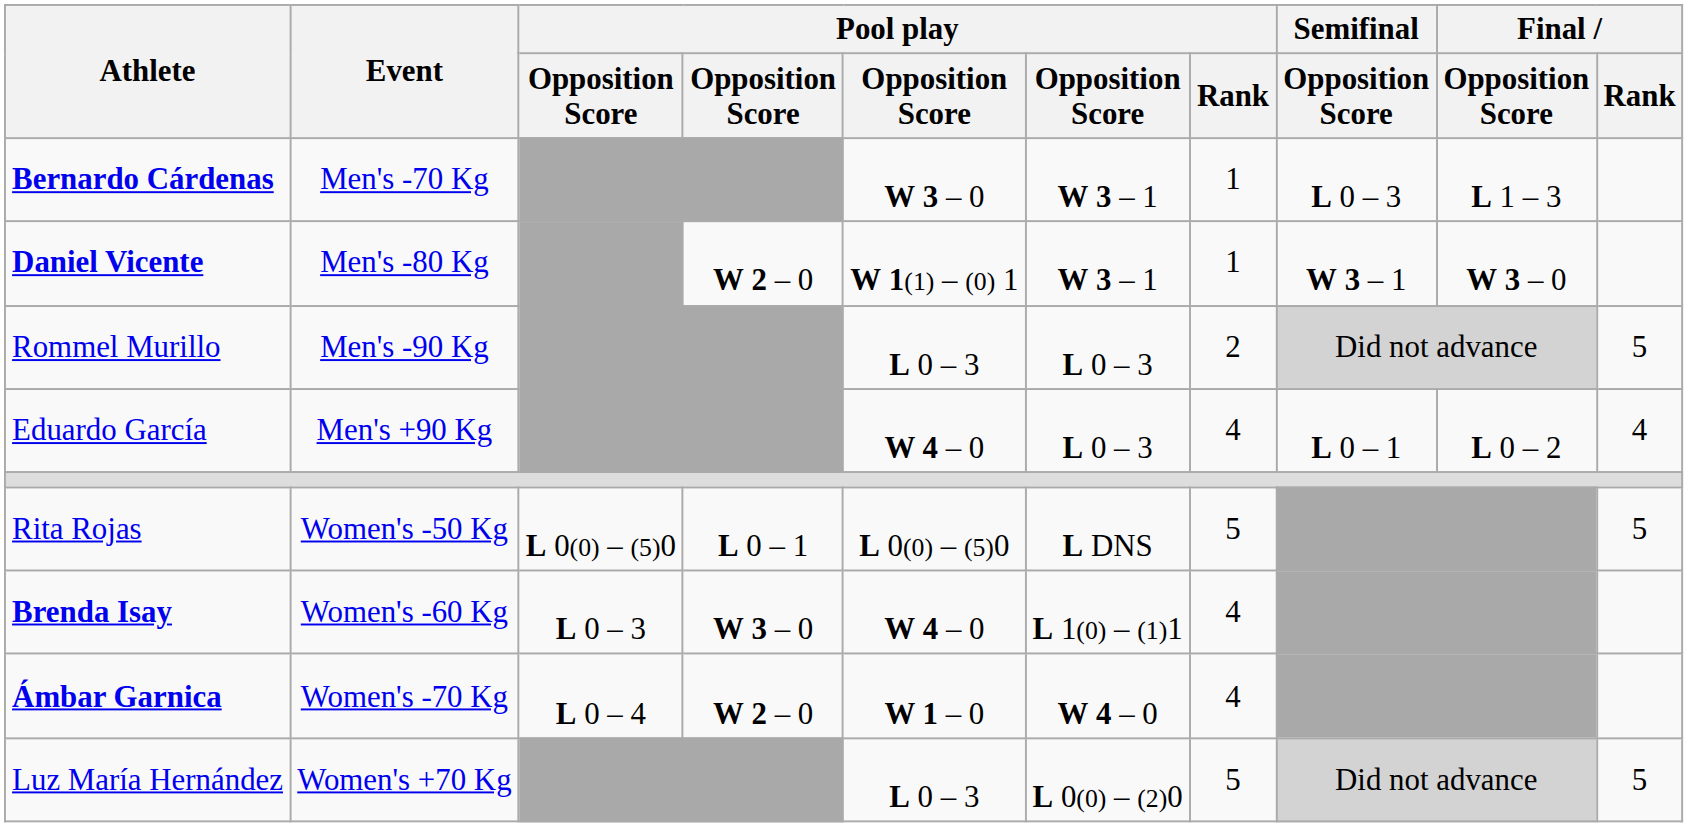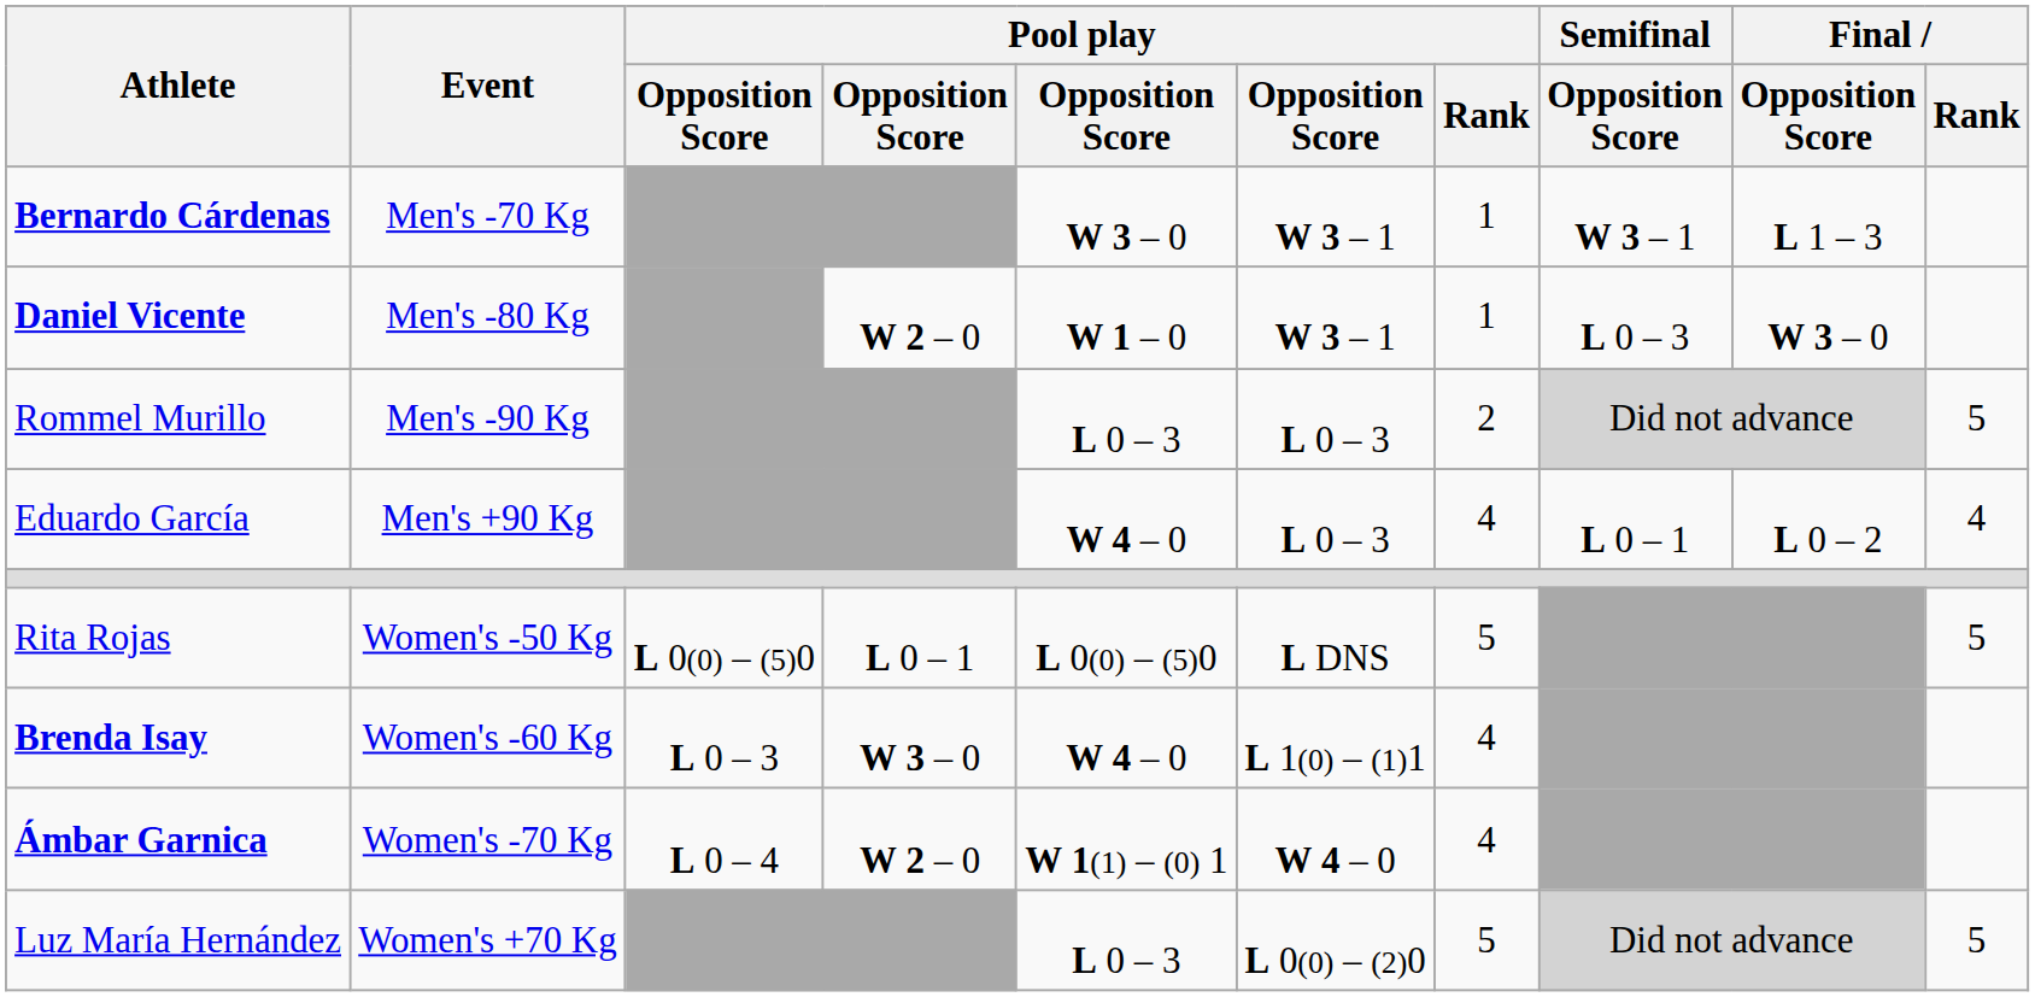 <table class="wikitable">
 <tr>
 <th rowspan="2">Athlete</th>
 <th rowspan="2">Event</th>
 <th colspan="5">Pool play</th>
 <th>Semifinal</th>
 <th colspan="2">Final / </th>
 </tr>
 <tr>
 <th>Opposition<br>Score</th>
 <th>Opposition<br>Score</th>
 <th>Opposition<br>Score</th>
 <th>Opposition<br>Score</th>
 <th>Rank</th>
 <th>Opposition<br>Score</th>
 <th>Opposition<br>Score</th>
 <th>Rank</th>
 </tr>
 <tr align="center">
 <td align="left" style="white-space: nowrap;"><strong><a href='#'>Bernardo Cárdenas</a></strong></td>
 <td><a href='#'>Men's -70 Kg</a></td>
 <td colspan="2" style="background: #A9A9A9"></td>
 <td><br><strong>W</strong> <strong>3</strong> – 0</td>
 <td><br><strong>W</strong> <strong>3</strong> – 1</td>
 <td>1</td>
-<td><br><strong>L</strong> 0 – 3</td>
+<td style="white-space: nowrap;"><br><strong>W</strong> <strong>3</strong> – 1</td>
 <td style="white-space: nowrap;"><br><strong>L</strong> 1 – 3</td>
 <td></td>
 </tr>
 <tr align="center">
 <td align="left" style="white-space: nowrap;"><strong><a href='#'>Daniel Vicente</a></strong></td>
 <td><a href='#'>Men's -80 Kg</a></td>
 <td style="background: #A9A9A9"></td>
 <td><br><strong>W</strong> <strong>2</strong> – 0</td>
-<td><br><strong>W</strong> <strong>1</strong><small>(1)</small> – <small>(0)</small> 1</td>
+<td><br><strong>W  1</strong> – 0</td>
 <td><br><strong>W</strong> <strong>3</strong> – 1</td>
 <td>1</td>
-<td style="white-space: nowrap;"><br><strong>W</strong> <strong>3</strong> – 1</td>
+<td><br><strong>L</strong> 0 – 3</td>
 <td><br><strong>W</strong> <strong>3</strong> – 0</td>
 <td></td>
 </tr>
 <tr align="center">
 <td align="left" style="white-space: nowrap;"><a href='#'>Rommel Murillo</a></td>
 <td><a href='#'>Men's -90 Kg</a></td>
 <td colspan="2" ; style="background: #A9A9A9"></td>
 <td><br><strong>L</strong> 0 – 3</td>
 <td><br><strong>L</strong> 0 – 3</td>
 <td>2</td>
 <td colspan="2" ; style="background: #D3D3D3">Did not advance</td>
 <td>5</td>
 </tr>
 <tr align="center">
 <td align="left" style="white-space: nowrap;"><a href='#'>Eduardo García</a></td>
 <td><a href='#'>Men's +90 Kg</a></td>
 <td colspan="2" ; style="background: #A9A9A9"></td>
 <td><br><strong>W 4</strong> – 0</td>
 <td><br><strong>L</strong> 0 – 3</td>
 <td>4</td>
 <td><br><strong>L</strong> 0 – 1</td>
 <td><br><strong>L</strong> 0 – 2</td>
 <td>4</td>
 </tr>
 <tr bgcolor="#ddd">
 <td colspan="10"></td>
 </tr>
 <tr align="center">
 <td align="left" style="white-space: nowrap;"><a href='#'>Rita Rojas</a></td>
 <td><a href='#'>Women's -50 Kg</a></td>
 <td><br><strong>L</strong> 0<small>(0)</small> – <small>(5)</small>0</td>
 <td><br><strong>L</strong>  0 – 1</td>
 <td><br><strong>L</strong> 0<small>(0)</small> – <small>(5)</small>0</td>
 <td><br><strong>L</strong> DNS</td>
 <td>5</td>
 <td colspan="2" ; style="background: #A9A9A9"></td>
 <td>5</td>
 </tr>
 <tr align="center">
 <td align="left" style="white-space: nowrap;"><strong><a href='#'>Brenda Isay</a></strong></td>
 <td><a href='#'>Women's -60 Kg</a></td>
 <td><br><strong>L</strong> 0 – 3</td>
 <td><br><strong>W</strong> <strong>3</strong> – 0</td>
 <td><br><strong>W</strong> <strong>4</strong> – 0</td>
 <td><br><strong>L</strong>  1<small>(0)</small> – <small>(1)</small>1</td>
 <td>4</td>
 <td colspan="2" ; style="background: #A9A9A9"></td>
 <td></td>
 </tr>
 <tr align="center">
 <td align="left" style="white-space: nowrap;"><strong><a href='#'>Ámbar Garnica</a></strong></td>
 <td><a href='#'>Women's -70 Kg</a></td>
 <td><br><strong>L</strong> 0 – 4</td>
 <td><br><strong>W</strong> <strong>2</strong> – 0</td>
-<td><br><strong>W  1</strong> – 0</td>
+<td><br><strong>W</strong> <strong>1</strong><small>(1)</small> – <small>(0)</small> 1</td>
 <td><br><strong>W</strong> <strong>4</strong> – 0</td>
 <td>4</td>
 <td colspan="2" ; style="background: #A9A9A9"></td>
 <td></td>
 </tr>
 <tr align="center">
 <td align="left" style="white-space: nowrap;"><a href='#'>Luz María Hernández</a></td>
 <td><a href='#'>Women's +70 Kg</a></td>
 <td colspan="2" ; style="background: #A9A9A9"></td>
 <td><br><strong>L</strong> 0 – 3</td>
 <td><br><strong>L</strong>  0<small>(0)</small> – <small>(2)</small>0</td>
 <td>5</td>
 <td colspan="2" ; style="background: #D3D3D3">Did not advance</td>
 <td>5</td>
 </tr>
 </table>
